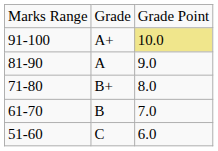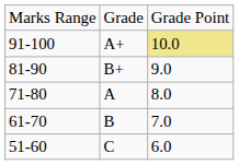 <table class="wikitable">
 <tr>
 <td>Marks Range</td>
 <td>Grade</td>
 <td>Grade Point</td>
 </tr>
 <tr>
 <td>91-100</td>
 <td>A+</td>
 <td style="background: khaki;">10.0</td>
 </tr>
 <tr>
 <td>81-90</td>
-<td>A</td>
+<td>B+</td>
 <td>9.0</td>
 </tr>
 <tr>
 <td>71-80</td>
-<td>B+</td>
+<td>A</td>
 <td>8.0</td>
 </tr>
 <tr>
 <td>61-70</td>
 <td>B</td>
 <td>7.0</td>
 </tr>
 <tr>
 <td>51-60</td>
 <td>C</td>
 <td>6.0</td>
 </tr>
 </table>
